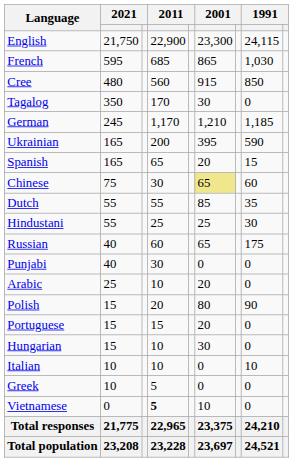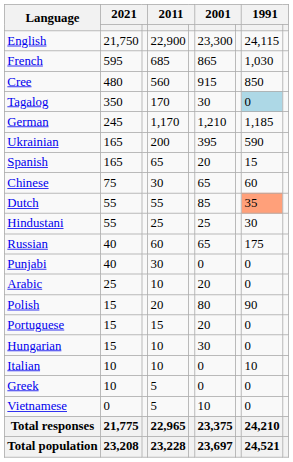 <table class="wikitable collapsible sortable">
 <tr>
 <th rowspan="2">Language</th>
 <th colspan="2">2021</th>
 <th colspan="2">2011</th>
 <th colspan="2">2001</th>
 <th colspan="2">1991</th>
 </tr>
 <tr>
 <th><a href='#'></a></th>
 <th></th>
 <th></th>
 <th></th>
 <th></th>
 <th></th>
 <th></th>
 <th></th>
 </tr>
 <tr>
 <td><a href='#'>English</a></td>
 <td>21,750</td>
 <td></td>
 <td>22,900</td>
 <td></td>
 <td>23,300</td>
 <td></td>
 <td>24,115</td>
 <td></td>
 </tr>
 <tr>
 <td><a href='#'>French</a></td>
 <td>595</td>
 <td></td>
 <td>685</td>
 <td></td>
 <td>865</td>
 <td></td>
 <td>1,030</td>
 <td></td>
 </tr>
 <tr>
 <td><a href='#'>Cree</a></td>
 <td>480</td>
 <td></td>
 <td>560</td>
 <td></td>
 <td>915</td>
 <td></td>
 <td>850</td>
 <td></td>
 </tr>
 <tr>
 <td><a href='#'>Tagalog</a></td>
 <td>350</td>
 <td></td>
 <td>170</td>
 <td></td>
 <td>30</td>
 <td></td>
-<td>0</td>
+<td style="background: lightblue;">0</td>
 <td></td>
 </tr>
 <tr>
 <td><a href='#'>German</a></td>
 <td>245</td>
 <td></td>
 <td>1,170</td>
 <td></td>
 <td>1,210</td>
 <td></td>
 <td>1,185</td>
 <td></td>
 </tr>
 <tr>
 <td><a href='#'>Ukrainian</a></td>
 <td>165</td>
 <td></td>
 <td>200</td>
 <td></td>
 <td>395</td>
 <td></td>
 <td>590</td>
 <td></td>
 </tr>
 <tr>
 <td><a href='#'>Spanish</a></td>
 <td>165</td>
 <td></td>
 <td>65</td>
 <td></td>
 <td>20</td>
 <td></td>
 <td>15</td>
 <td></td>
 </tr>
 <tr>
 <td><a href='#'>Chinese</a></td>
 <td>75</td>
 <td></td>
 <td>30</td>
 <td></td>
-<td style="background: khaki;">65</td>
+<td>65</td>
 <td></td>
 <td>60</td>
 <td></td>
 </tr>
 <tr>
 <td><a href='#'>Dutch</a></td>
 <td>55</td>
 <td></td>
 <td>55</td>
 <td></td>
 <td>85</td>
 <td></td>
-<td>35</td>
+<td style="background: lightsalmon;">35</td>
 <td></td>
 </tr>
 <tr>
 <td><a href='#'>Hindustani</a></td>
 <td>55</td>
 <td></td>
 <td>25</td>
 <td></td>
 <td>25</td>
 <td></td>
 <td>30</td>
 <td></td>
 </tr>
 <tr>
 <td><a href='#'>Russian</a></td>
 <td>40</td>
 <td></td>
 <td>60</td>
 <td></td>
 <td>65</td>
 <td></td>
 <td>175</td>
 <td></td>
 </tr>
 <tr>
 <td><a href='#'>Punjabi</a></td>
 <td>40</td>
 <td></td>
 <td>30</td>
 <td></td>
 <td>0</td>
 <td></td>
 <td>0</td>
 <td></td>
 </tr>
 <tr>
 <td><a href='#'>Arabic</a></td>
 <td>25</td>
 <td></td>
 <td>10</td>
 <td></td>
 <td>20</td>
 <td></td>
 <td>0</td>
 <td></td>
 </tr>
 <tr>
 <td><a href='#'>Polish</a></td>
 <td>15</td>
 <td></td>
 <td>20</td>
 <td></td>
 <td>80</td>
 <td></td>
 <td>90</td>
 <td></td>
 </tr>
 <tr>
 <td><a href='#'>Portuguese</a></td>
 <td>15</td>
 <td></td>
 <td>15</td>
 <td></td>
 <td>20</td>
 <td></td>
 <td>0</td>
 <td></td>
 </tr>
 <tr>
 <td><a href='#'>Hungarian</a></td>
 <td>15</td>
 <td></td>
 <td>10</td>
 <td></td>
 <td>30</td>
 <td></td>
 <td>0</td>
 <td></td>
 </tr>
 <tr>
 <td><a href='#'>Italian</a></td>
 <td>10</td>
 <td></td>
 <td>10</td>
 <td></td>
 <td>0</td>
 <td></td>
 <td>10</td>
 <td></td>
 </tr>
 <tr>
 <td><a href='#'>Greek</a></td>
 <td>10</td>
 <td></td>
 <td>5</td>
 <td></td>
 <td>0</td>
 <td></td>
 <td>0</td>
 <td></td>
 </tr>
 <tr>
 <td><a href='#'>Vietnamese</a></td>
 <td>0</td>
 <td></td>
-<td><strong>5</strong></td>
+<td>5</td>
 <td></td>
 <td>10</td>
 <td></td>
 <td>0</td>
 <td></td>
 </tr>
 <tr>
 <th>Total responses</th>
 <th>21,775</th>
 <th></th>
 <th>22,965</th>
 <th></th>
 <th>23,375</th>
 <th></th>
 <th>24,210</th>
 <th></th>
 </tr>
 <tr>
 <th>Total population</th>
 <th>23,208</th>
 <th></th>
 <th>23,228</th>
 <th></th>
 <th>23,697</th>
 <th></th>
 <th>24,521</th>
 <th></th>
 </tr>
 </table>
